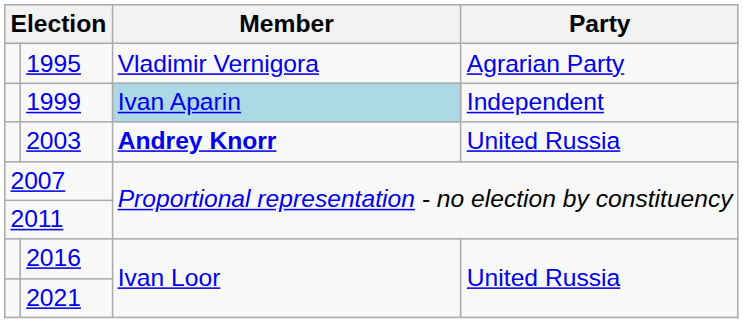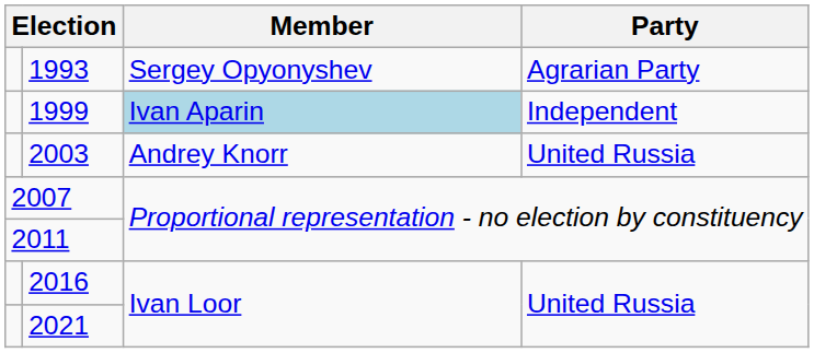 <table class="wikitable">
 <tr>
 <th colspan="2">Election</th>
 <th>Member</th>
 <th>Party</th>
 </tr>
 <tr>
 <td style="background-color:"></td>
-<td><a href='#'>1995</a></td>
-<td><a href='#'>Vladimir Vernigora</a></td>
+<td><a href='#'>1993</a></td>
+<td><a href='#'>Sergey Opyonyshev</a></td>
 <td><a href='#'>Agrarian Party</a></td>
 </tr>
 <tr>
 <td style="background-color:"></td>
 <td><a href='#'>1999</a></td>
 <td style="background: lightblue;"><a href='#'>Ivan Aparin</a></td>
 <td><a href='#'>Independent</a></td>
 </tr>
 <tr>
 <td style="background-color:"></td>
 <td><a href='#'>2003</a></td>
-<td><strong><a href='#'>Andrey Knorr</a></strong></td>
+<td><a href='#'>Andrey Knorr</a></td>
 <td><a href='#'>United Russia</a></td>
 </tr>
 <tr>
 <td colspan=2><a href='#'>2007</a></td>
 <td colspan=2 rowspan=2><em><a href='#'>Proportional representation</a> - no election by constituency</em></td>
 </tr>
 <tr>
 <td colspan=2><a href='#'>2011</a></td>
 </tr>
 <tr>
 <td style="background-color: "></td>
 <td><a href='#'>2016</a></td>
 <td rowspan=2><a href='#'>Ivan Loor</a></td>
 <td rowspan=2><a href='#'>United Russia</a></td>
 </tr>
 <tr>
 <td style="background-color: "></td>
 <td><a href='#'>2021</a></td>
 </tr>
 </table>
